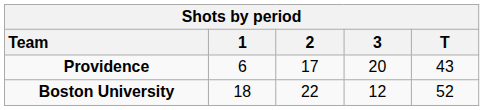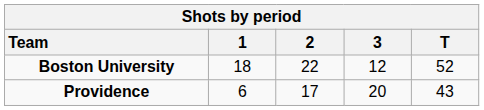 <table class="wikitable" style="width:30em; text-align:right;">
 <tr>
 <th colspan=5>Shots by period</th>
 </tr>
 <tr>
 <th style="width:10em; text-align:left;">Team</th>
 <th style="width:3em;">1</th>
 <th style="width:3em;">2</th>
 <th style="width:3em;">3</th>
 <th style="width:3em;">T</th>
 </tr>
 <tr>
+<td align=center><strong>Boston University</strong></td>
+<td align=center>18</td>
+<td align=center>22</td>
+<td align=center>12</td>
+<td align=center>52</td>
+</tr>
+<tr>
 <td align=center><strong>Providence</strong></td>
 <td align=center>6</td>
 <td align=center>17</td>
 <td align=center>20</td>
 <td align=center>43</td>
 </tr>
-<tr>
-<td align=center><strong>Boston University</strong></td>
-<td align=center>18</td>
-<td align=center>22</td>
-<td align=center>12</td>
-<td align=center>52</td>
-</tr>
 </table>
